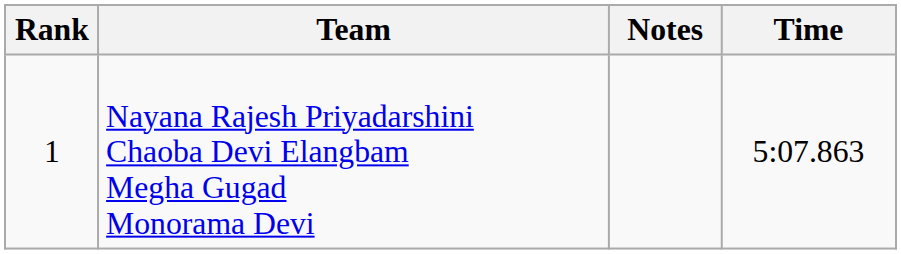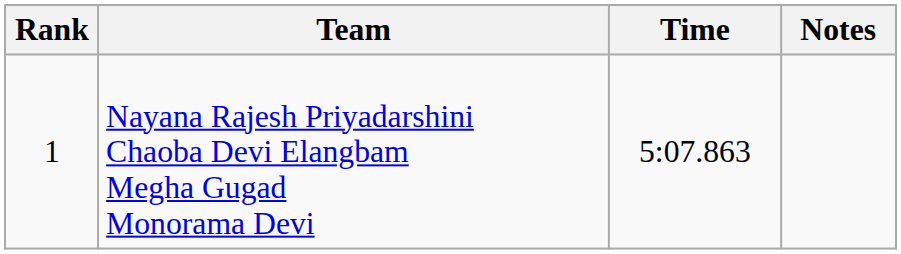 <table class=wikitable style="text-align:center">
 <tr>
 <th width=40>Rank</th>
 <th width=250>Team</th>
+<th width=80>Time</th>
 <th width=50>Notes</th>
-<th width=80>Time</th>
 </tr>
 <tr>
 <td>1</td>
 <td align=left><br><a href='#'>Nayana Rajesh Priyadarshini</a><br><a href='#'>Chaoba Devi Elangbam</a><br><a href='#'>Megha Gugad</a><br><a href='#'>Monorama Devi</a></td>
+<td>5:07.863</td>
 <td></td>
-<td>5:07.863</td>
 </tr>
 </table>
